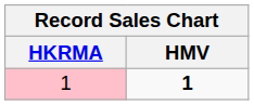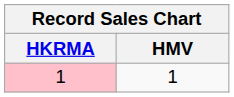 <table class="wikitable">
 <tr>
 <th colspan="2">Record Sales Chart</th>
 </tr>
 <tr>
 <th width="90"><a href='#'>HKRMA</a></th>
 <th width="90">HMV</th>
 </tr>
 <tr align="center">
 <td style="background: pink;">1</td>
-<td><strong>1</strong></td>
+<td>1</td>
 </tr>
 </table>
